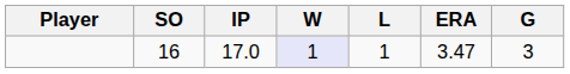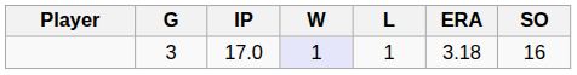 <table class="wikitable sortable">
 <tr>
 <th bgcolor="#DDDDFF" width="16%">Player</th>
-<th bgcolor="#DDDDFF" width="9%">SO</th>
+<th bgcolor="#DDDDFF" width="9%">G</th>
 <th bgcolor="#DDDDFF" width="9%">IP</th>
 <th bgcolor="#DDDDFF" width="9%">W</th>
 <th bgcolor="#DDDDFF" width="9%">L</th>
 <th bgcolor="#DDDDFF" width="9%">ERA</th>
-<th bgcolor="#DDDDFF" width="9%">G</th>
+<th bgcolor="#DDDDFF" width="9%">SO</th>
 </tr>
 <tr align="center">
 <td></td>
-<td>16</td>
+<td>3</td>
 <td>17.0</td>
 <td style="background: lavender;">1</td>
 <td>1</td>
-<td>3.47</td>
-<td>3</td>
+<td>3.18</td>
+<td>16</td>
 </tr>
 </table>
